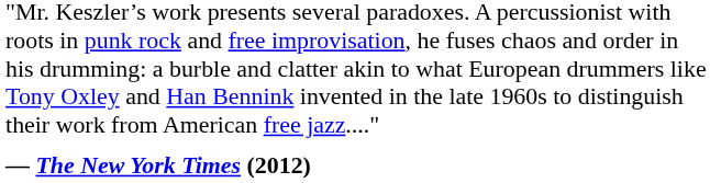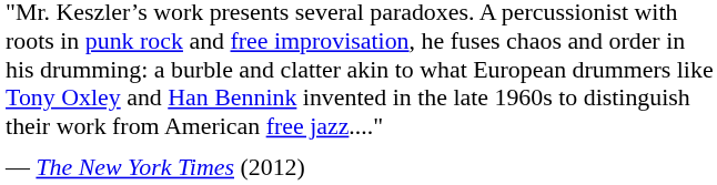 <table class="toccolours" style="float: right; margin-left: 1em; margin-right: 2em; font-size: 85%; background:offwhite; color:black; width:30em; max-width: 40%;" cellspacing="5">
 <tr>
 <td style="text-align: left;">"Mr. Keszler’s work presents several paradoxes. A percussionist with roots in <a href='#'>punk rock</a> and <a href='#'>free improvisation</a>, he fuses chaos and order in his drumming: a burble and clatter akin to what European drummers like <a href='#'>Tony Oxley</a> and <a href='#'>Han Bennink</a> invented in the late 1960s to distinguish their work from American <a href='#'>free jazz</a>...."</td>
 </tr>
 <tr>
-<td style="text-align: left;"><strong>— <em><a href='#'>The New York Times</a></em> (2012)</strong></td>
+<td style="text-align: left;">— <em><a href='#'>The New York Times</a></em> (2012)</td>
 </tr>
 </table>
